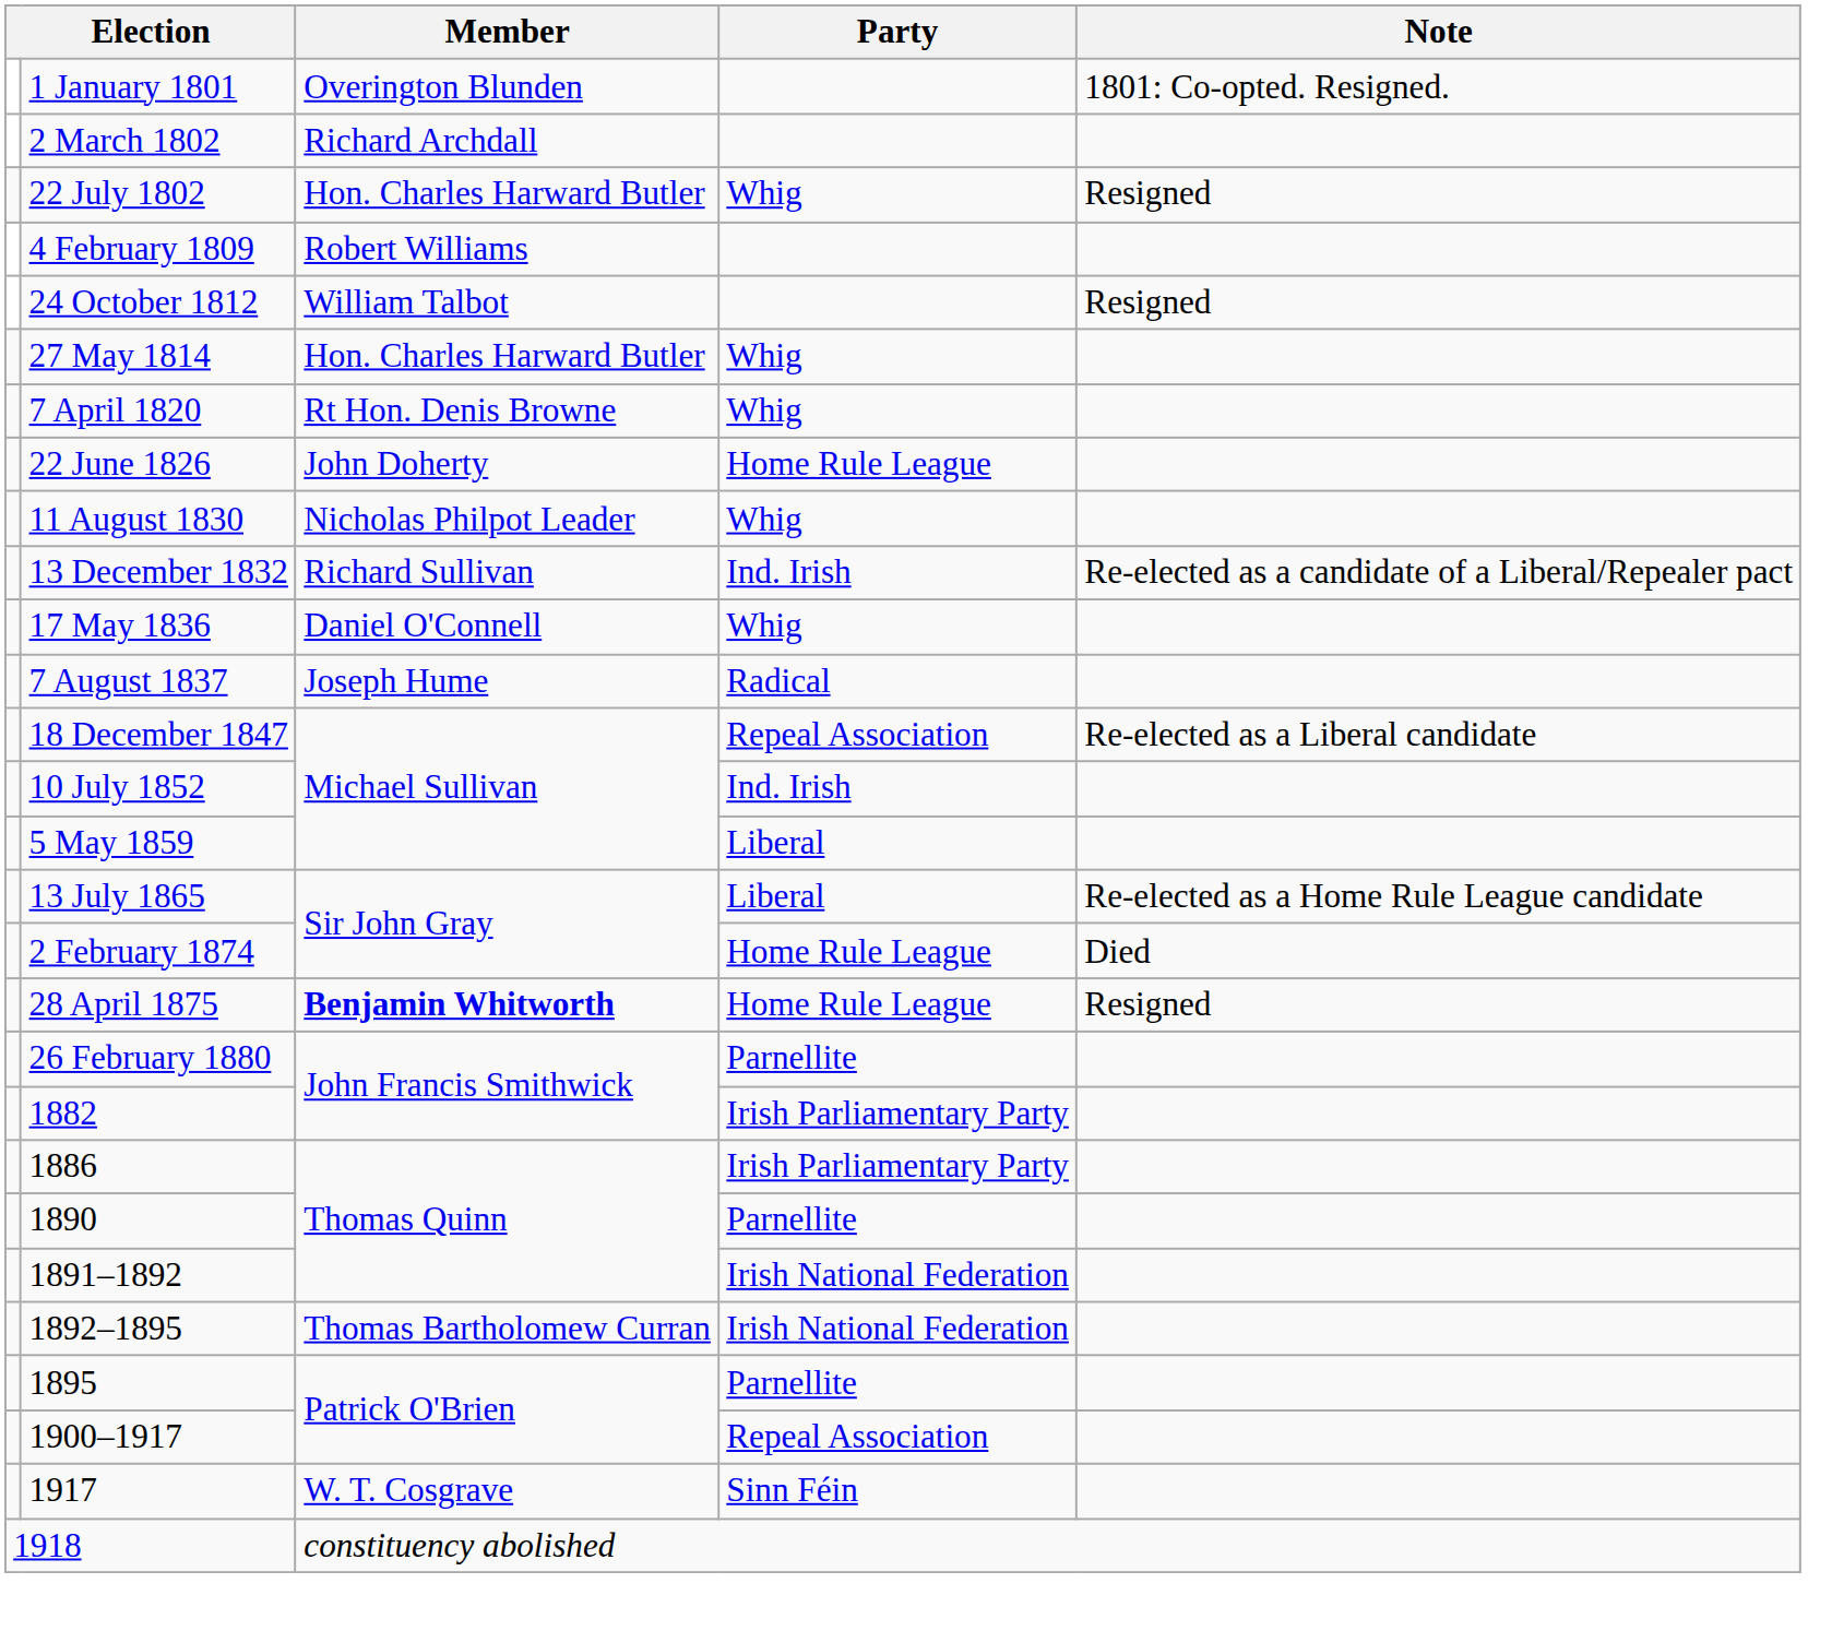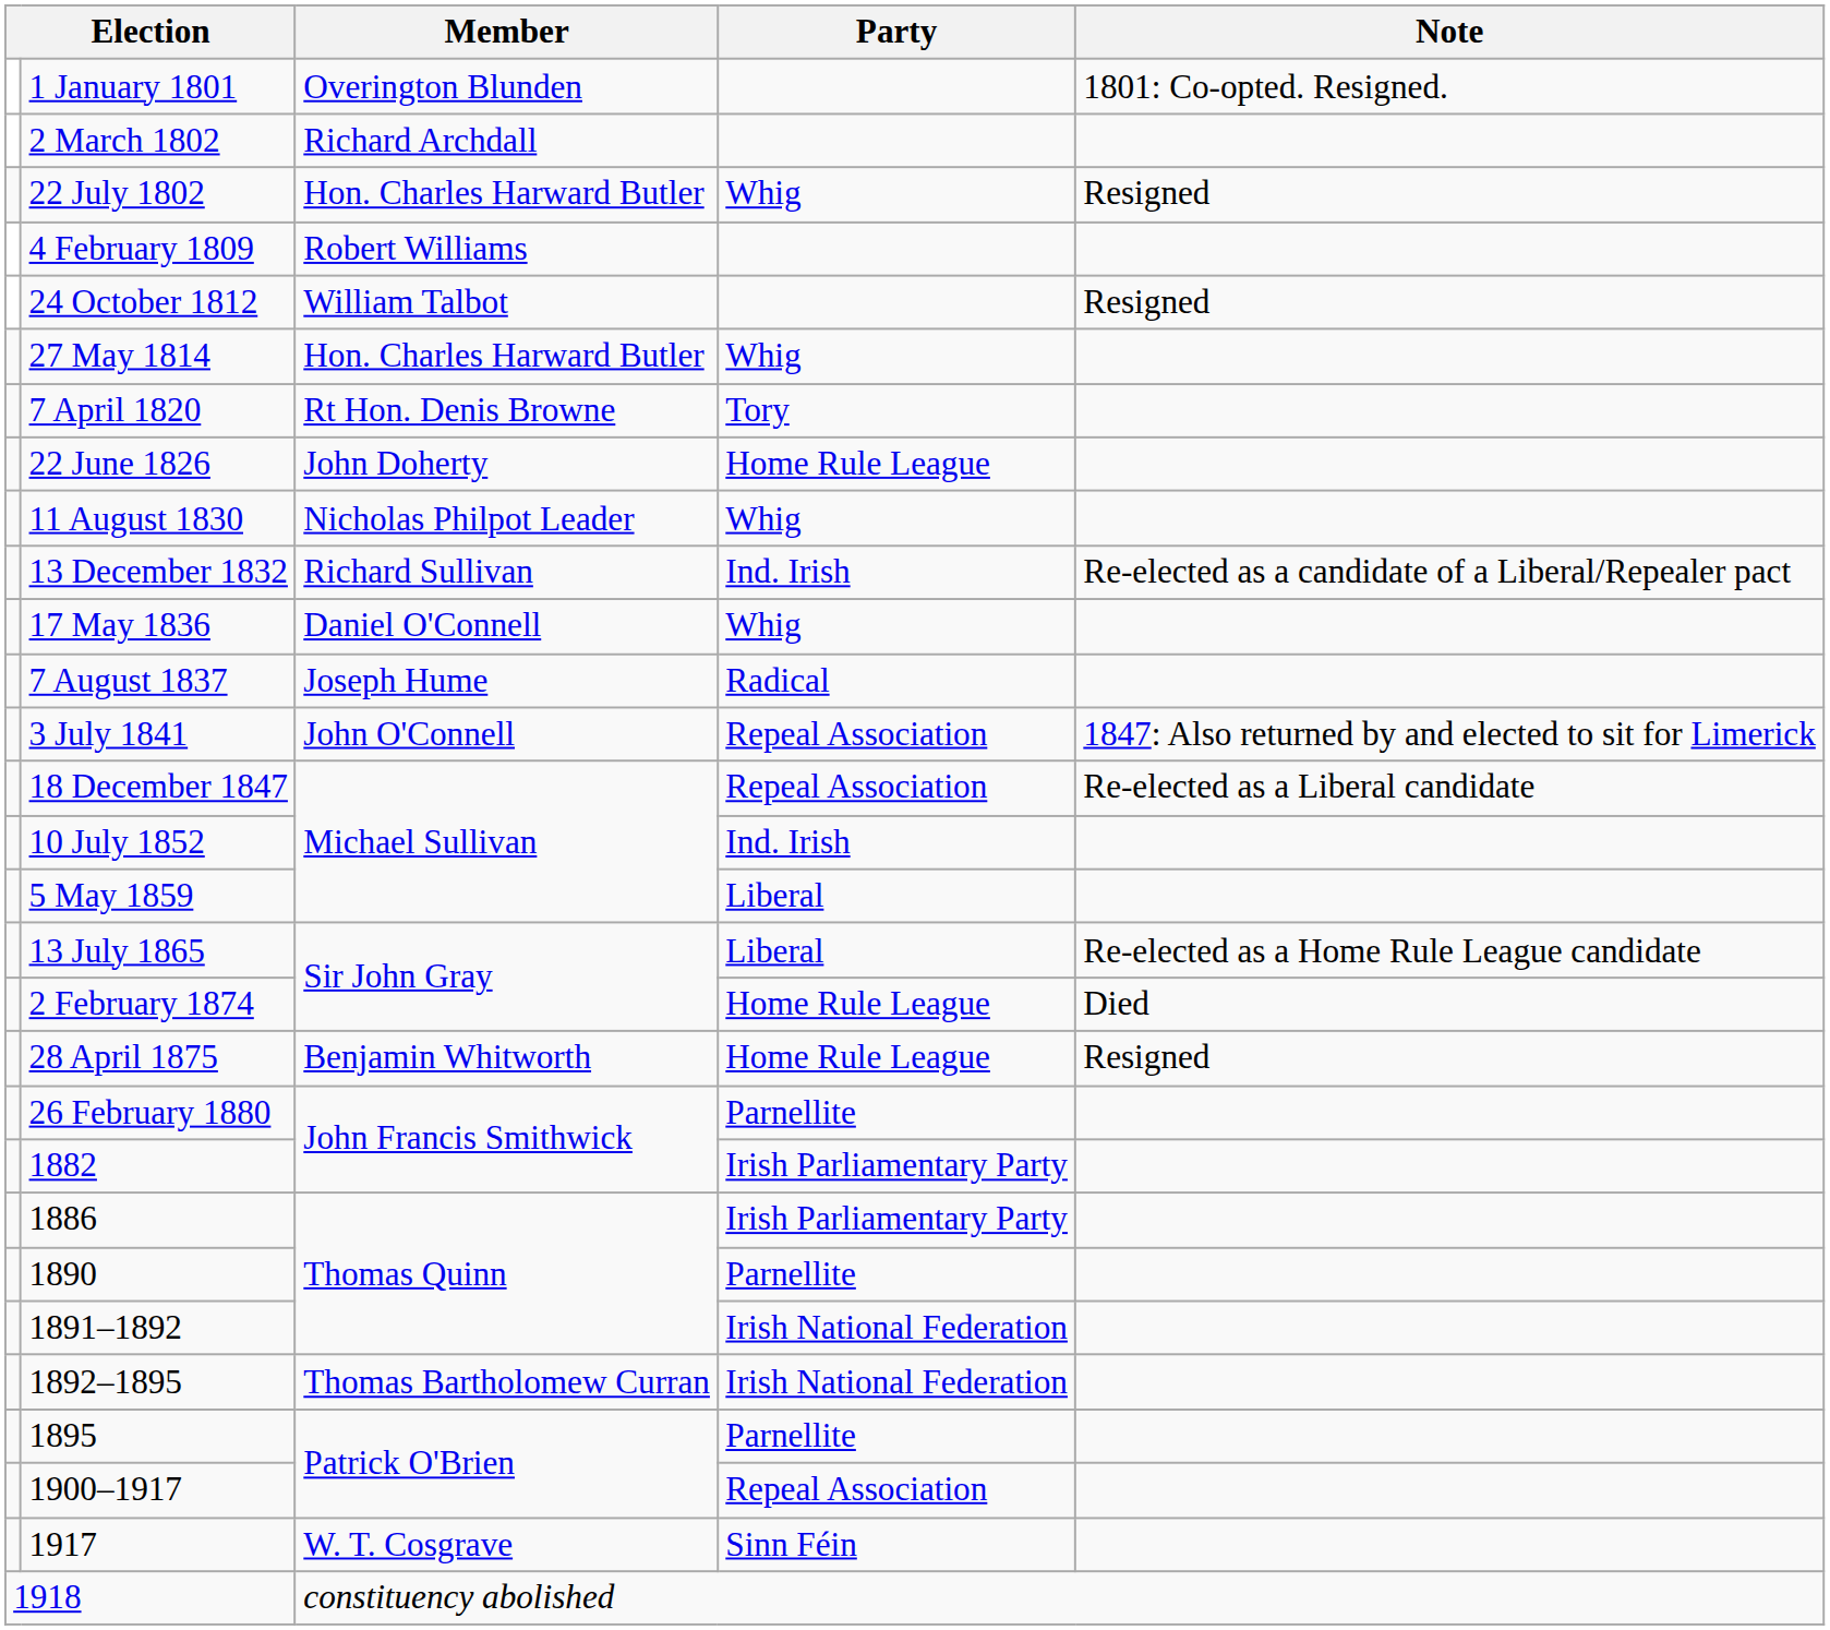 <table class="wikitable">
 <tr>
 <th colspan="2">Election</th>
 <th>Member</th>
 <th>Party</th>
 <th>Note</th>
 </tr>
 <tr>
 <td style="color:inherit;background-color: white"></td>
 <td><a href='#'>1 January 1801</a></td>
 <td><a href='#'>Overington Blunden</a></td>
 <td></td>
 <td>1801: Co-opted. Resigned.</td>
 </tr>
 <tr>
 <td style="color:inherit;background-color: white"></td>
 <td><a href='#'>2 March 1802</a></td>
 <td><a href='#'>Richard Archdall</a></td>
 <td></td>
 <td></td>
 </tr>
 <tr>
 <td style="color:inherit;background-color: "></td>
 <td><a href='#'>22 July 1802</a></td>
 <td><a href='#'>Hon. Charles Harward Butler</a></td>
 <td><a href='#'>Whig</a></td>
 <td>Resigned</td>
 </tr>
 <tr>
 <td style="color:inherit;background-color: white"></td>
 <td><a href='#'>4 February 1809</a></td>
 <td><a href='#'>Robert Williams</a></td>
 <td></td>
 <td></td>
 </tr>
 <tr>
 <td style="color:inherit;background-color: white"></td>
 <td><a href='#'>24 October 1812</a></td>
 <td><a href='#'>William Talbot</a></td>
 <td></td>
 <td>Resigned</td>
 </tr>
 <tr>
 <td style="color:inherit;background-color: "></td>
 <td><a href='#'>27 May 1814</a></td>
 <td><a href='#'>Hon. Charles Harward Butler</a></td>
 <td><a href='#'>Whig</a></td>
 <td></td>
 </tr>
 <tr>
 <td style="color:inherit;background-color: "></td>
 <td><a href='#'>7 April 1820</a></td>
 <td><a href='#'>Rt Hon. Denis Browne</a></td>
-<td><a href='#'>Whig</a></td>
+<td><a href='#'>Tory</a></td>
 <td></td>
 </tr>
 <tr>
 <td style="color:inherit;background-color: "></td>
 <td><a href='#'>22 June 1826</a></td>
 <td><a href='#'>John Doherty</a></td>
 <td><a href='#'>Home Rule League</a></td>
 <td></td>
 </tr>
 <tr>
 <td style="color:inherit;background-color: "></td>
 <td><a href='#'>11 August 1830</a></td>
 <td><a href='#'>Nicholas Philpot Leader</a></td>
 <td><a href='#'>Whig</a></td>
 <td></td>
 </tr>
 <tr>
 <td style="color:inherit;background-color: "></td>
 <td><a href='#'>13 December 1832</a></td>
 <td><a href='#'>Richard Sullivan</a></td>
 <td><a href='#'>Ind. Irish</a></td>
 <td>Re-elected as a candidate of a Liberal/Repealer pact</td>
 </tr>
 <tr>
 <td style="color:inherit;background-color: "></td>
 <td><a href='#'>17 May 1836</a></td>
 <td><a href='#'>Daniel O'Connell</a></td>
 <td><a href='#'>Whig</a></td>
 <td></td>
 </tr>
 <tr>
 <td style="color:inherit;background-color: "></td>
 <td><a href='#'>7 August 1837</a></td>
 <td><a href='#'>Joseph Hume</a></td>
 <td><a href='#'>Radical</a></td>
 <td></td>
 </tr>
 <tr>
 <td style="color:inherit;background-color: "></td>
+<td><a href='#'>3 July 1841</a></td>
+<td><a href='#'>John O'Connell</a></td>
+<td><a href='#'>Repeal Association</a></td>
+<td><a href='#'>1847</a>: Also returned by and elected to sit for <a href='#'>Limerick</a></td>
+</tr>
+<tr>
+<td style="color:inherit;background-color: "></td>
 <td><a href='#'>18 December 1847</a></td>
 <td rowspan="3"><a href='#'>Michael Sullivan</a></td>
 <td><a href='#'>Repeal Association</a></td>
 <td>Re-elected as a Liberal candidate</td>
 </tr>
 <tr>
 <td style="color:inherit;background-color: "></td>
 <td><a href='#'>10 July 1852</a></td>
 <td><a href='#'>Ind. Irish</a></td>
 <td></td>
 </tr>
 <tr>
 <td style="color:inherit;background-color: "></td>
 <td><a href='#'>5 May 1859</a></td>
 <td><a href='#'>Liberal</a></td>
 <td></td>
 </tr>
 <tr>
 <td style="color:inherit;background-color: "></td>
 <td><a href='#'>13 July 1865</a></td>
 <td rowspan="2"><a href='#'>Sir John Gray</a></td>
 <td><a href='#'>Liberal</a></td>
 <td>Re-elected as a Home Rule League candidate</td>
 </tr>
 <tr>
 <td style="color:inherit;background-color: "></td>
 <td><a href='#'>2 February 1874</a></td>
 <td><a href='#'>Home Rule League</a></td>
 <td>Died</td>
 </tr>
 <tr>
 <td style="color:inherit;background-color: "></td>
 <td><a href='#'>28 April 1875</a></td>
-<td><strong><a href='#'>Benjamin Whitworth</a></strong></td>
+<td><a href='#'>Benjamin Whitworth</a></td>
 <td><a href='#'>Home Rule League</a></td>
 <td>Resigned</td>
 </tr>
 <tr>
 <td style="color:inherit;background-color: "></td>
 <td><a href='#'>26 February 1880</a></td>
 <td rowspan="2"><a href='#'>John Francis Smithwick</a></td>
 <td><a href='#'>Parnellite</a></td>
 <td></td>
 </tr>
 <tr>
 <td style="color:inherit;background-color: "></td>
 <td><a href='#'>1882</a></td>
 <td><a href='#'>Irish Parliamentary Party</a></td>
 <td></td>
 </tr>
 <tr>
 <td style="color:inherit;background-color: "></td>
 <td>1886</td>
 <td rowspan=3><a href='#'>Thomas Quinn</a></td>
 <td><a href='#'>Irish Parliamentary Party</a></td>
 <td></td>
 </tr>
 <tr>
 <td style="color:inherit;background-color: "></td>
 <td>1890</td>
 <td><a href='#'>Parnellite</a></td>
 <td></td>
 </tr>
 <tr>
 <td style="color:inherit;background-color: "></td>
 <td>1891–1892</td>
 <td><a href='#'>Irish National Federation</a></td>
 <td></td>
 </tr>
 <tr>
 <td style="color:inherit;background-color: "></td>
 <td>1892–1895</td>
 <td><a href='#'>Thomas Bartholomew Curran</a></td>
 <td><a href='#'>Irish National Federation</a></td>
 <td></td>
 </tr>
 <tr>
 <td style="color:inherit;background-color: "></td>
 <td>1895</td>
 <td rowspan=2><a href='#'>Patrick O'Brien</a></td>
 <td><a href='#'>Parnellite</a></td>
 <td></td>
 </tr>
 <tr>
 <td style="color:inherit;background-color: "></td>
 <td>1900–1917</td>
 <td><a href='#'>Repeal Association</a></td>
 <td></td>
 </tr>
 <tr>
 <td style="color:inherit;background-color: "></td>
 <td>1917</td>
 <td><a href='#'>W. T. Cosgrave</a></td>
 <td><a href='#'>Sinn Féin</a></td>
 <td></td>
 </tr>
 <tr>
 <td colspan="2"><a href='#'>1918</a></td>
 <td colspan="3"><em>constituency abolished</em></td>
 </tr>
 </table>
